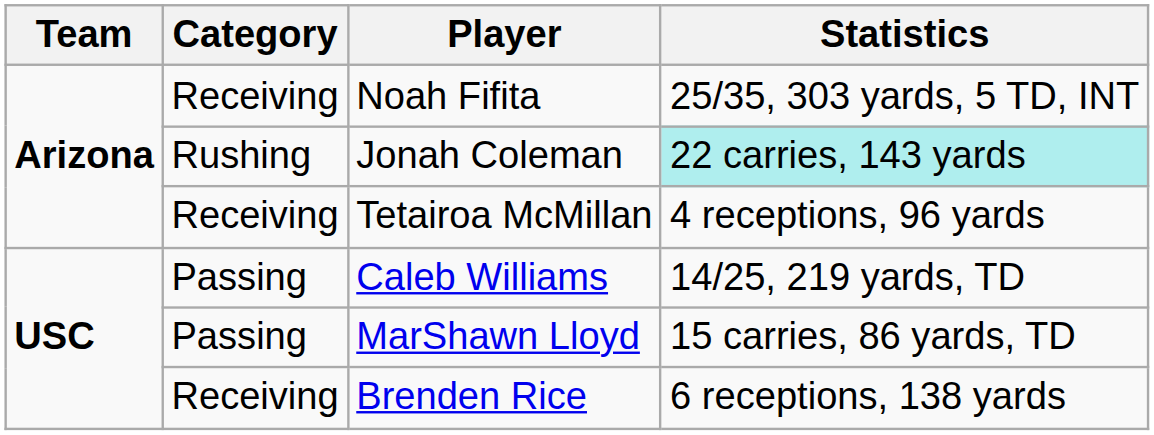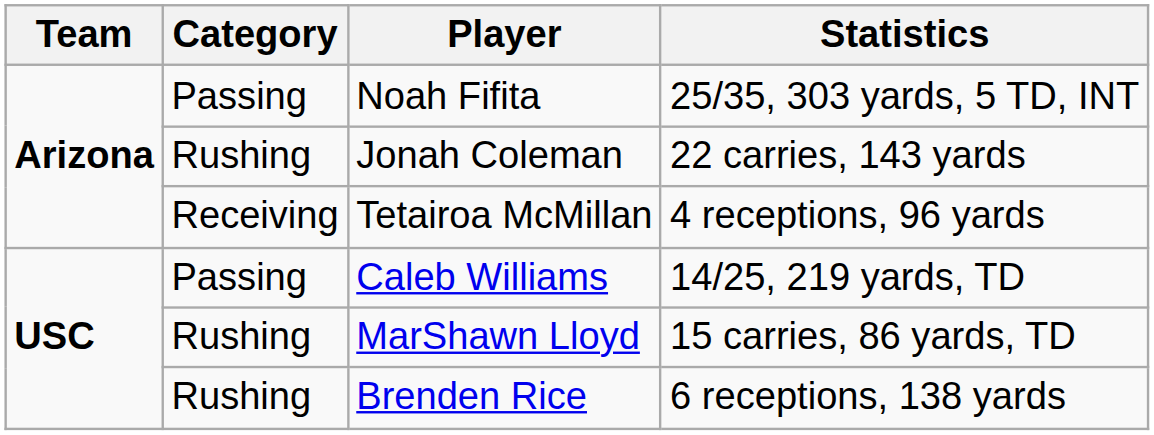 <table class="wikitable" style="float: right;">
 <tr>
 <th>Team</th>
 <th>Category</th>
 <th>Player</th>
 <th>Statistics</th>
 </tr>
 <tr>
 <td rowspan=3><strong>Arizona</strong></td>
-<td>Receiving</td>
+<td>Passing</td>
 <td>Noah Fifita</td>
 <td>25/35, 303 yards, 5 TD, INT</td>
 </tr>
 <tr>
 <td>Rushing</td>
 <td>Jonah Coleman</td>
-<td style="background: paleturquoise;">22 carries, 143 yards</td>
+<td>22 carries, 143 yards</td>
 </tr>
 <tr>
 <td>Receiving</td>
 <td>Tetairoa McMillan</td>
 <td>4 receptions, 96 yards</td>
 </tr>
 <tr>
 <td rowspan=3><strong>USC</strong></td>
 <td>Passing</td>
 <td><a href='#'>Caleb Williams</a></td>
 <td>14/25, 219 yards, TD</td>
 </tr>
 <tr>
-<td>Passing</td>
+<td>Rushing</td>
 <td><a href='#'>MarShawn Lloyd</a></td>
 <td>15 carries, 86 yards, TD</td>
 </tr>
 <tr>
-<td>Receiving</td>
+<td>Rushing</td>
 <td><a href='#'>Brenden Rice</a></td>
 <td>6 receptions, 138 yards</td>
 </tr>
 </table>
